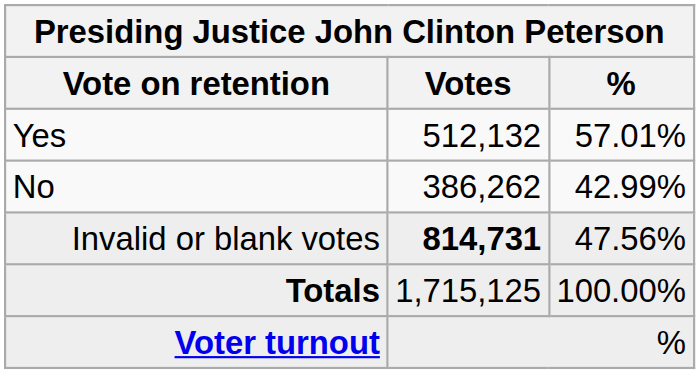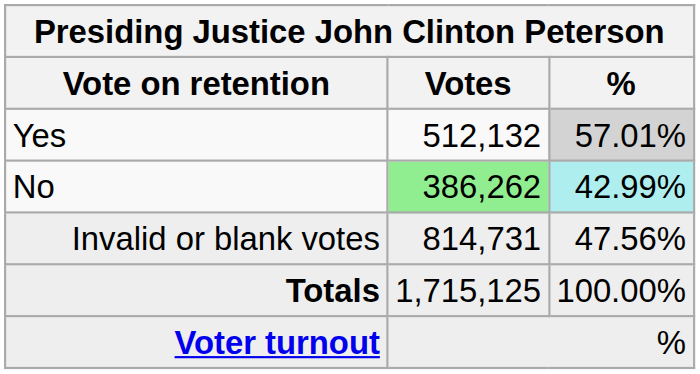 <table class="wikitable" style="font-size: 95%;">
 <tr style="background-color:#E9E9E9">
 <th colspan=7>Presiding Justice John Clinton Peterson</th>
 </tr>
 <tr style="background-color:#E9E9E9">
 <th style="width: 170px">Vote on retention</th>
 <th style="width: 50px">Votes</th>
 <th style="width: 40px">%</th>
 </tr>
 <tr>
 <td>Yes</td>
 <td align="right">512,132</td>
-<td align="right">57.01%</td>
+<td align="right" style="background: lightgrey;">57.01%</td>
 </tr>
 <tr>
 <td>No</td>
-<td align="right">386,262</td>
-<td align="right">42.99%</td>
+<td align="right" style="background: lightgreen;">386,262</td>
+<td align="right" style="background: paleturquoise;">42.99%</td>
 </tr>
 <tr style="background-color:#EEEEEE">
 <td align="right">Invalid or blank votes</td>
-<td align="right"><strong>814,731</strong></td>
+<td align="right">814,731</td>
 <td align="right">47.56%</td>
 </tr>
 <tr style="background-color:#EEEEEE">
 <td colspan="1" align="right"><strong>Totals</strong></td>
 <td align="right">1,715,125</td>
 <td align="right">100.00%</td>
 </tr>
 <tr style="background-color:#EEEEEE">
 <td align="right"><strong><a href='#'>Voter turnout</a></strong></td>
 <td colspan="2" align="right">%</td>
 </tr>
 </table>
